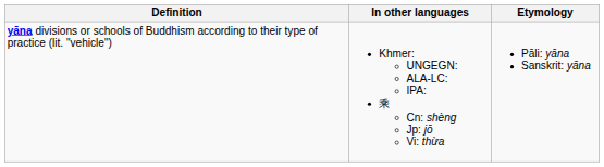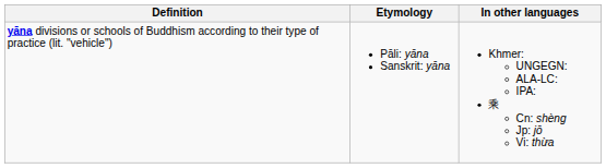 <table class="wikitable" border="1" style="border-collapse: collapse;">
 <tr>
 <th>Definition</th>
+<th>Etymology</th>
 <th>In other languages</th>
-<th>Etymology</th>
 </tr>
 <tr valign=top style="width:450px">
 <td><strong><a href='#'>yāna</a></strong> divisions or schools of Buddhism according to their type of practice (lit. "vehicle")</td>
+<td style="width:150px"><br><ul><li>Pāli: <em>yāna</em></li><li>Sanskrit: <em>yāna</em></li></ul></td>
 <td style="width:200px"><br><ul><li>Khmer: <ul><li>UNGEGN: </li><li>ALA-LC: </li><li>IPA: </li></ul></li><li>乘<ul><li>Cn: <em>shèng</em></li><li>Jp: <em>jō</em></li><li>Vi: <em>thừa</em></li></ul></li></ul></td>
-<td style="width:150px"><br><ul><li>Pāli: <em>yāna</em></li><li>Sanskrit: <em>yāna</em></li></ul></td>
 </tr>
 </table>
